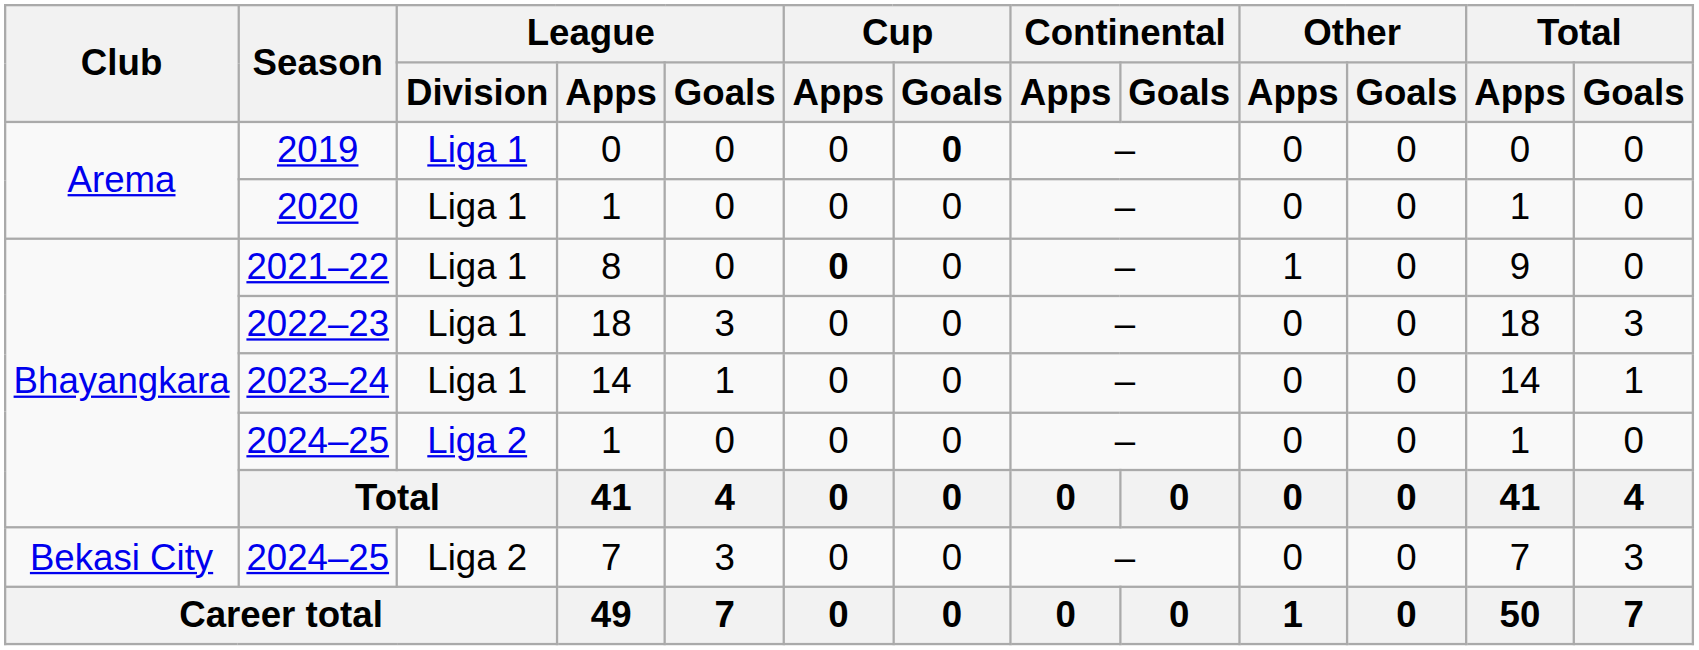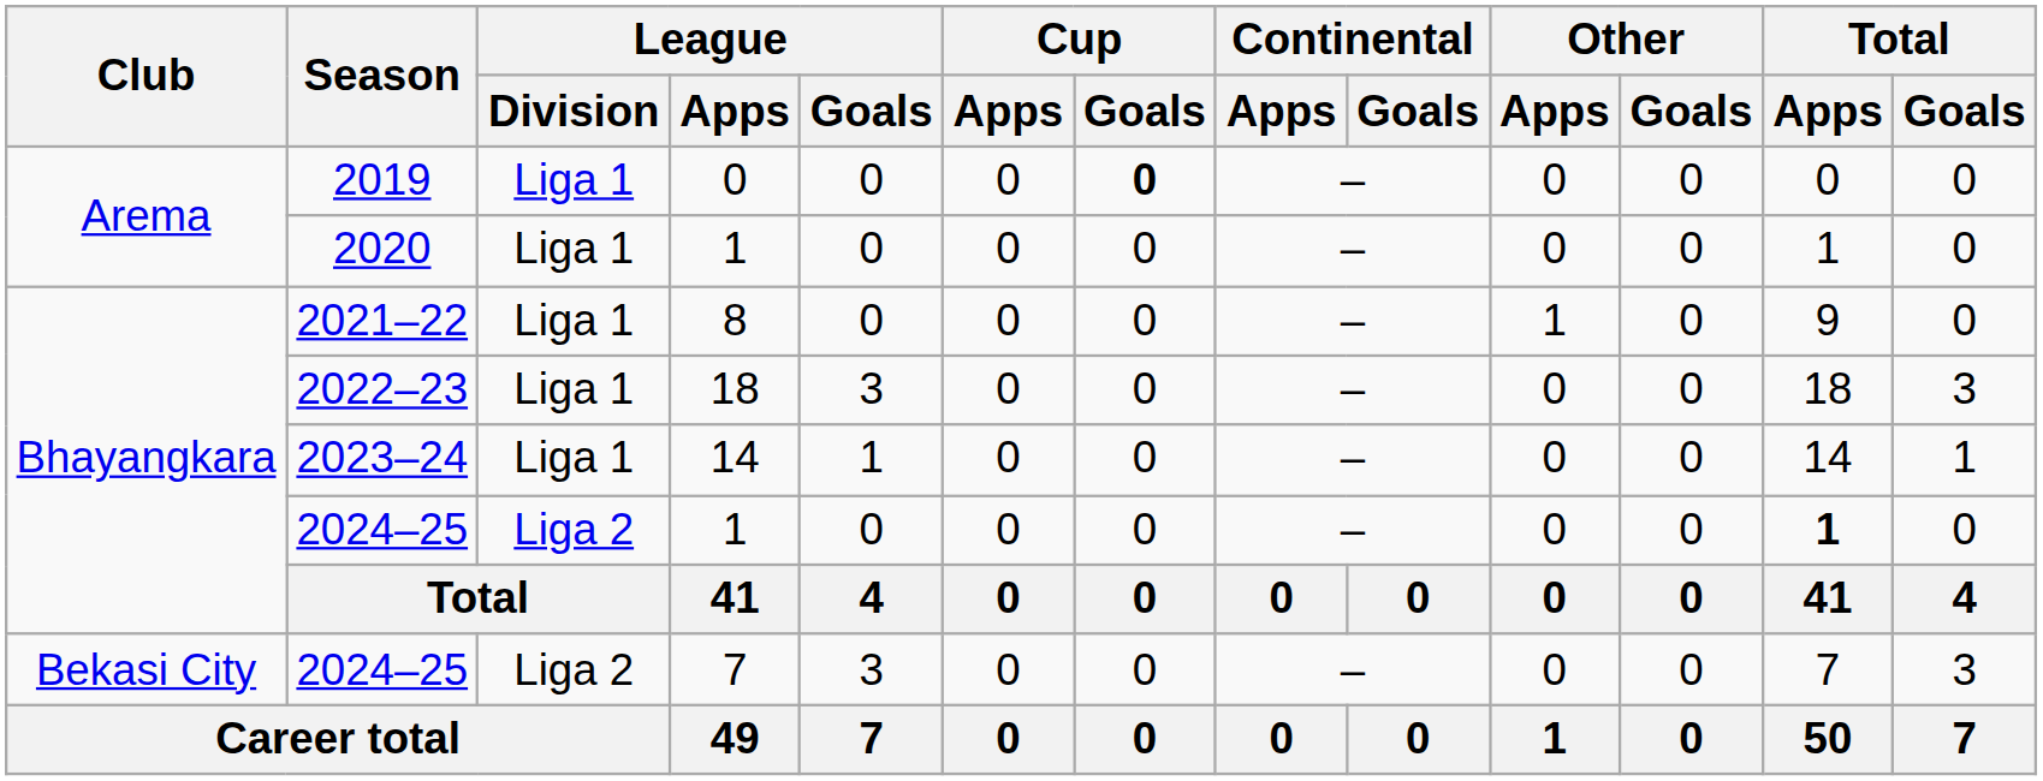 <table class="wikitable" style="text-align: center">
 <tr>
 <th rowspan="2">Club</th>
 <th rowspan="2">Season</th>
 <th colspan="3">League</th>
 <th colspan="2">Cup</th>
 <th colspan="2">Continental</th>
 <th colspan="2">Other</th>
 <th colspan="2">Total</th>
 </tr>
 <tr>
 <th>Division</th>
 <th>Apps</th>
 <th>Goals</th>
 <th>Apps</th>
 <th>Goals</th>
 <th>Apps</th>
 <th>Goals</th>
 <th>Apps</th>
 <th>Goals</th>
 <th>Apps</th>
 <th>Goals</th>
 </tr>
 <tr>
 <td rowspan="2"><a href='#'>Arema</a></td>
 <td><a href='#'>2019</a></td>
 <td rowspan="1" valign="center"><a href='#'>Liga 1</a></td>
 <td>0</td>
 <td>0</td>
 <td>0</td>
 <td><strong>0</strong></td>
 <td colspan="2">–</td>
 <td>0</td>
 <td>0</td>
 <td>0</td>
 <td>0</td>
 </tr>
 <tr>
 <td><a href='#'>2020</a></td>
 <td rowspan="1" valign="center">Liga 1</td>
 <td>1</td>
 <td>0</td>
 <td>0</td>
 <td>0</td>
 <td colspan="2">–</td>
 <td>0</td>
 <td>0</td>
 <td>1</td>
 <td>0</td>
 </tr>
 <tr>
 <td rowspan="5"><a href='#'>Bhayangkara</a></td>
 <td><a href='#'>2021–22</a></td>
 <td rowspan="1" valign="center">Liga 1</td>
 <td>8</td>
 <td>0</td>
-<td><strong>0</strong></td>
+<td>0</td>
 <td>0</td>
 <td colspan="2">–</td>
 <td>1</td>
 <td>0</td>
 <td>9</td>
 <td>0</td>
 </tr>
 <tr>
 <td><a href='#'>2022–23</a></td>
 <td rowspan="1" valign="center">Liga 1</td>
 <td>18</td>
 <td>3</td>
 <td>0</td>
 <td>0</td>
 <td colspan=2>–</td>
 <td>0</td>
 <td>0</td>
 <td>18</td>
 <td>3</td>
 </tr>
 <tr>
 <td><a href='#'>2023–24</a></td>
 <td>Liga 1</td>
 <td>14</td>
 <td>1</td>
 <td>0</td>
 <td>0</td>
 <td colspan="2">–</td>
 <td>0</td>
 <td>0</td>
 <td>14</td>
 <td>1</td>
 </tr>
 <tr>
 <td><a href='#'>2024–25</a></td>
 <td><a href='#'>Liga 2</a></td>
 <td>1</td>
 <td>0</td>
 <td>0</td>
 <td>0</td>
 <td colspan="2">–</td>
 <td>0</td>
 <td>0</td>
-<td>1</td>
+<td><strong>1</strong></td>
 <td>0</td>
 </tr>
 <tr>
 <th colspan=2>Total</th>
 <th>41</th>
 <th>4</th>
 <th>0</th>
 <th>0</th>
 <th>0</th>
 <th>0</th>
 <th>0</th>
 <th>0</th>
 <th>41</th>
 <th>4</th>
 </tr>
 <tr>
 <td rowspan="1"><a href='#'>Bekasi City</a></td>
 <td><a href='#'>2024–25</a></td>
 <td>Liga 2</td>
 <td>7</td>
 <td>3</td>
 <td>0</td>
 <td>0</td>
 <td colspan="2">–</td>
 <td>0</td>
 <td>0</td>
 <td>7</td>
 <td>3</td>
 </tr>
 <tr>
 <th colspan=3>Career total</th>
 <th>49</th>
 <th>7</th>
 <th>0</th>
 <th>0</th>
 <th>0</th>
 <th>0</th>
 <th>1</th>
 <th>0</th>
 <th>50</th>
 <th>7</th>
 </tr>
 </table>
